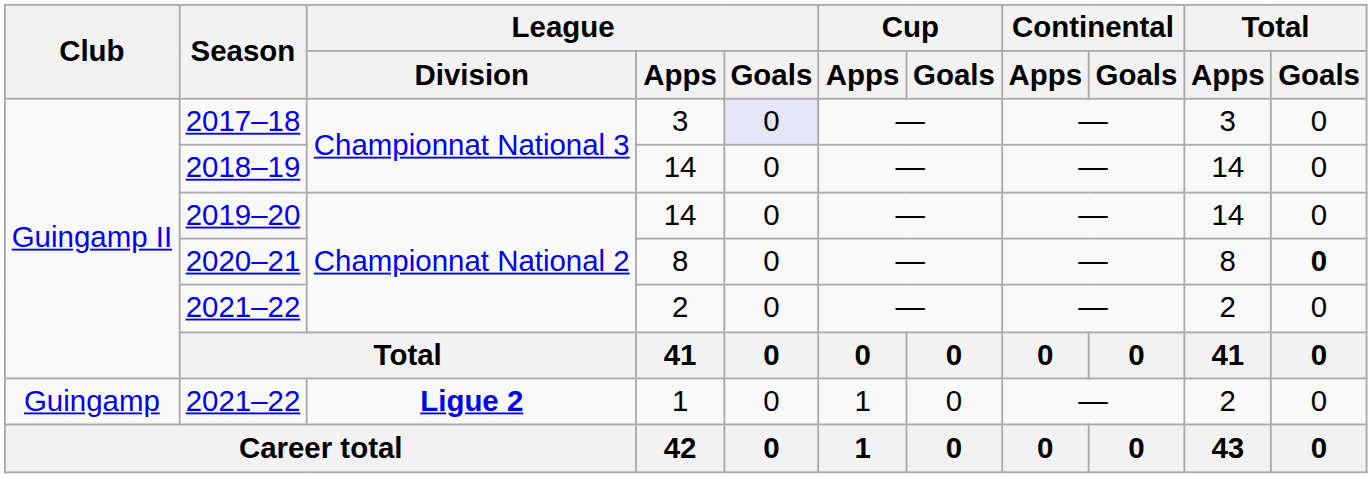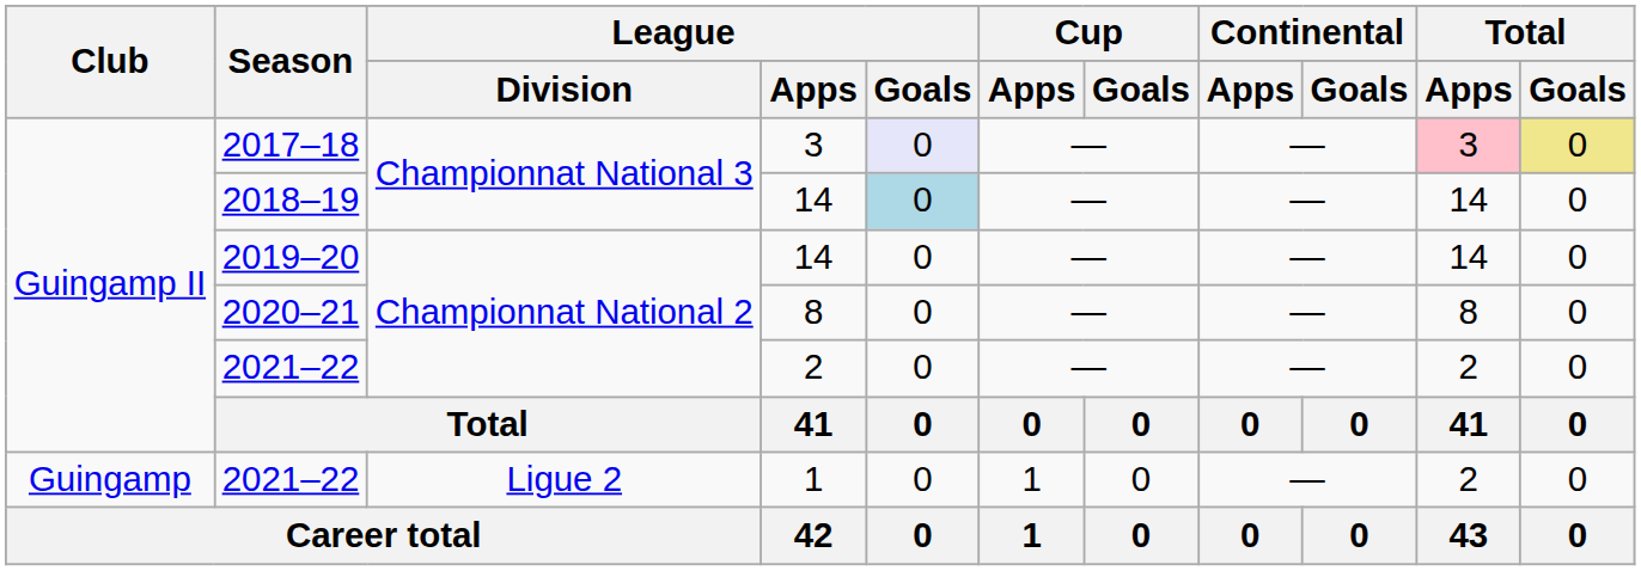 <table class="wikitable" Style="text-align: center">
 <tr>
 <th rowspan="2">Club</th>
 <th rowspan="2">Season</th>
 <th colspan="3">League</th>
 <th colspan="2">Cup</th>
 <th colspan="2">Continental</th>
 <th colspan="2">Total</th>
 </tr>
 <tr>
 <th>Division</th>
 <th>Apps</th>
 <th>Goals</th>
 <th>Apps</th>
 <th>Goals</th>
 <th>Apps</th>
 <th>Goals</th>
 <th>Apps</th>
 <th>Goals</th>
 </tr>
 <tr>
 <td rowspan="6"><a href='#'>Guingamp II</a></td>
 <td><a href='#'>2017–18</a></td>
 <td rowspan="2"><a href='#'>Championnat National 3</a></td>
 <td>3</td>
 <td style="background: lavender;">0</td>
 <td colspan="2">—</td>
 <td colspan="2">—</td>
-<td>3</td>
-<td>0</td>
+<td style="background: pink;">3</td>
+<td style="background: khaki;">0</td>
 </tr>
 <tr>
 <td><a href='#'>2018–19</a></td>
 <td>14</td>
-<td>0</td>
+<td style="background: lightblue;">0</td>
 <td colspan="2">—</td>
 <td colspan="2">—</td>
 <td>14</td>
 <td>0</td>
 </tr>
 <tr>
 <td><a href='#'>2019–20</a></td>
 <td rowspan="3"><a href='#'>Championnat National 2</a></td>
 <td>14</td>
 <td>0</td>
 <td colspan="2">—</td>
 <td colspan="2">—</td>
 <td>14</td>
 <td>0</td>
 </tr>
 <tr>
 <td><a href='#'>2020–21</a></td>
 <td>8</td>
 <td>0</td>
 <td colspan="2">—</td>
 <td colspan="2">—</td>
 <td>8</td>
-<td><strong>0</strong></td>
+<td>0</td>
 </tr>
 <tr>
 <td><a href='#'>2021–22</a></td>
 <td>2</td>
 <td>0</td>
 <td colspan="2">—</td>
 <td colspan="2">—</td>
 <td>2</td>
 <td>0</td>
 </tr>
 <tr>
 <th colspan="2">Total</th>
 <th>41</th>
 <th>0</th>
 <th>0</th>
 <th>0</th>
 <th>0</th>
 <th>0</th>
 <th>41</th>
 <th>0</th>
 </tr>
 <tr>
 <td rowspan="1"><a href='#'>Guingamp</a></td>
 <td><a href='#'>2021–22</a></td>
-<td rowspan="1"><strong><a href='#'>Ligue 2</a></strong></td>
+<td rowspan="1"><a href='#'>Ligue 2</a></td>
 <td>1</td>
 <td>0</td>
 <td>1</td>
 <td>0</td>
 <td colspan="2">—</td>
 <td>2</td>
 <td>0</td>
 </tr>
 <tr>
 <th colspan="3">Career total</th>
 <th>42</th>
 <th>0</th>
 <th>1</th>
 <th>0</th>
 <th>0</th>
 <th>0</th>
 <th>43</th>
 <th>0</th>
 </tr>
 </table>
